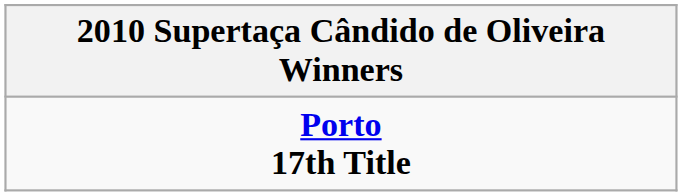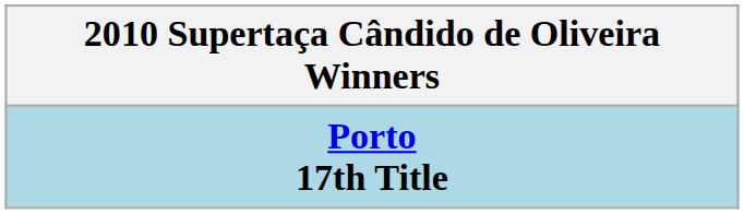 <table class="wikitable" style="text-align: center; margin: 0 auto; width: 20%">
 <tr>
 <th>2010 Supertaça Cândido de Oliveira Winners</th>
 </tr>
 <tr>
-<td><strong><a href='#'>Porto</a></strong><br><strong>17th Title</strong></td>
+<td style="background: lightblue;"><strong><a href='#'>Porto</a></strong><br><strong>17th Title</strong></td>
 </tr>
 </table>
